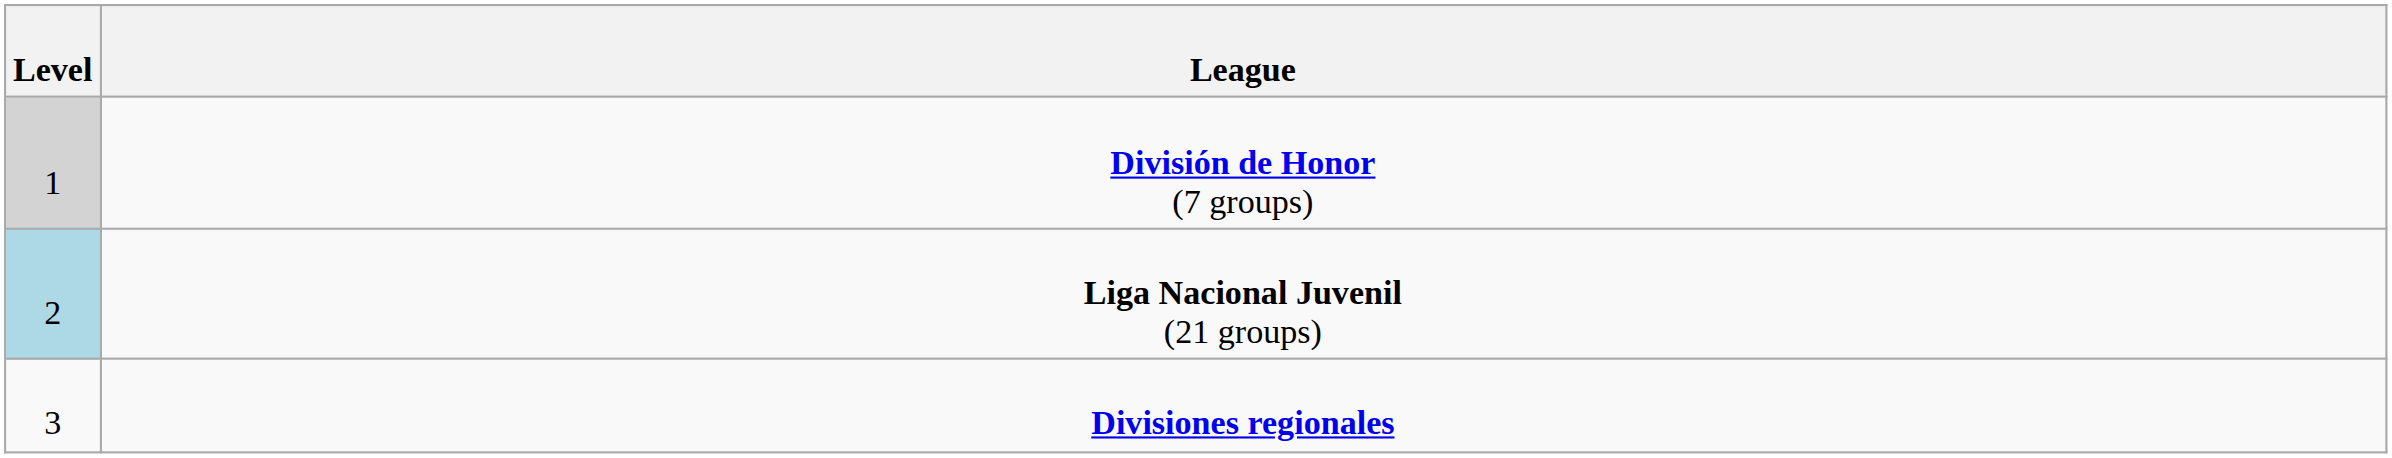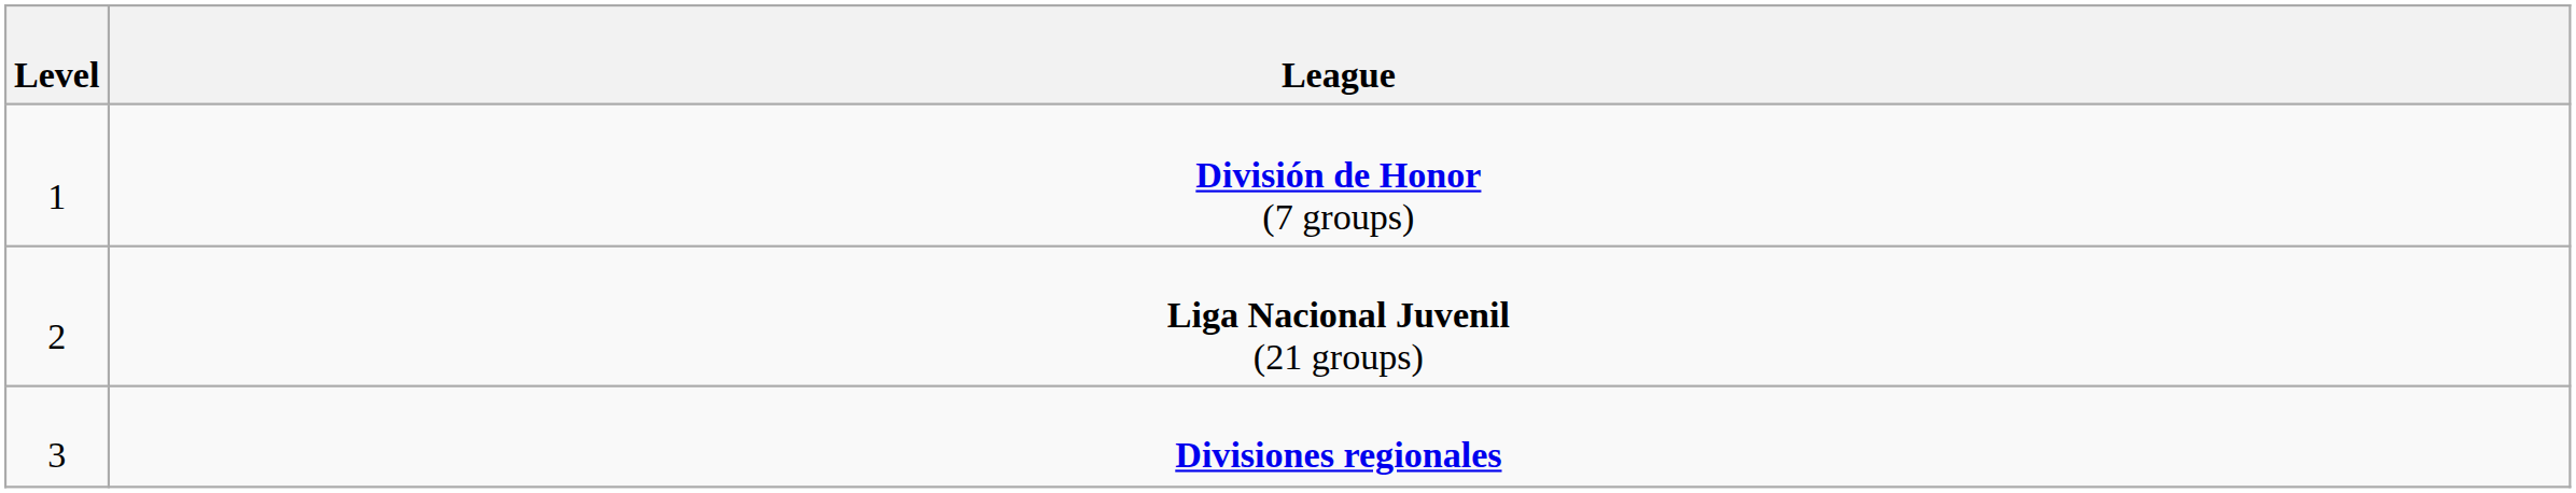 <table class="wikitable" style="text-align: center;">
 <tr south>
 <th colspan="1" width="4%"><br>Level</th>
 <th colspan="12" width="96%"><br>League</th>
 </tr>
 <tr>
-<td colspan="1" width="4%" style="background: lightgrey;"><br>1</td>
+<td colspan="1" width="4%"><br>1</td>
 <td colspan="12" width="96%"><br><strong><a href='#'>División de Honor</a></strong><br> (7 groups)</td>
 </tr>
 <tr>
-<td colspan="1" width="4%" style="background: lightblue;"><br>2</td>
+<td colspan="1" width="4%"><br>2</td>
 <td colspan="12" width="96%"><br><strong>Liga Nacional Juvenil</strong><br> (21 groups)</td>
 </tr>
 <tr>
 <td colspan="1" width="4%"><br>3</td>
 <td colspan="12" width="96%"><br><strong><a href='#'>Divisiones regionales</a></strong></td>
 </tr>
 </table>
